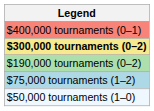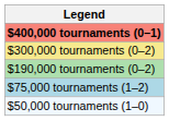 <table class=wikitable style="font-size:90%">
 <tr>
 <th>Legend</th>
 </tr>
 <tr style="background:#f88379;">
-<td>$400,000 tournaments (0–1)</td>
+<td><strong>$400,000 tournaments (0–1)</strong></td>
 </tr>
 <tr style="background:#f7e98e;">
-<td><strong>$300,000 tournaments (0–2)</strong></td>
+<td>$300,000 tournaments (0–2)</td>
 </tr>
 <tr style="background:#addfad;">
 <td>$190,000 tournaments (0–2)</td>
 </tr>
 <tr style="background:lightblue;">
 <td>$75,000 tournaments (1–2)</td>
 </tr>
 <tr style="background:#f0f8ff;">
 <td>$50,000 tournaments (1–0)</td>
 </tr>
 </table>
